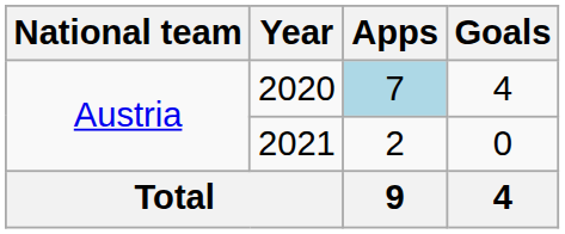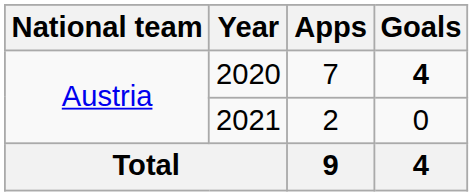 <table class="wikitable" style="text-align:center">
 <tr>
 <th>National team</th>
 <th>Year</th>
 <th>Apps</th>
 <th>Goals</th>
 </tr>
 <tr>
 <td rowspan="2"><a href='#'>Austria</a></td>
 <td>2020</td>
-<td style="background: lightblue;">7</td>
-<td>4</td>
+<td>7</td>
+<td><strong>4</strong></td>
 </tr>
 <tr>
 <td>2021</td>
 <td>2</td>
 <td>0</td>
 </tr>
 <tr>
 <th colspan="2">Total</th>
 <th>9</th>
 <th>4</th>
 </tr>
 </table>
